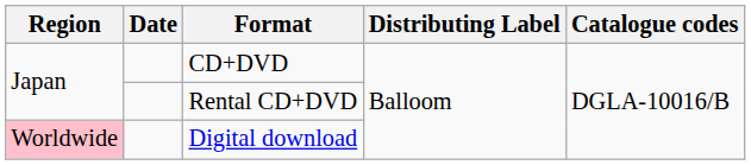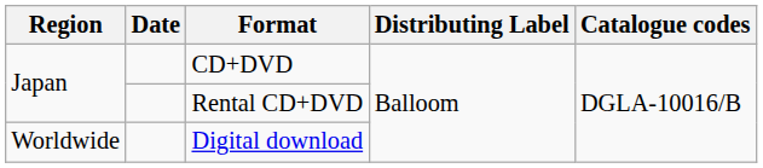 <table class="wikitable">
 <tr>
 <th>Region</th>
 <th>Date</th>
 <th>Format</th>
 <th>Distributing Label</th>
 <th>Catalogue codes</th>
 </tr>
 <tr>
 <td rowspan="2">Japan</td>
 <td></td>
 <td>CD+DVD</td>
 <td rowspan="3">Balloom</td>
 <td rowspan="3">DGLA-10016/B</td>
 </tr>
 <tr>
 <td></td>
 <td>Rental CD+DVD</td>
 </tr>
 <tr>
-<td rowspan="1" style="background: pink;">Worldwide</td>
+<td rowspan="1">Worldwide</td>
 <td></td>
 <td><a href='#'>Digital download</a></td>
 </tr>
 </table>
